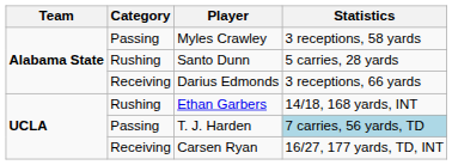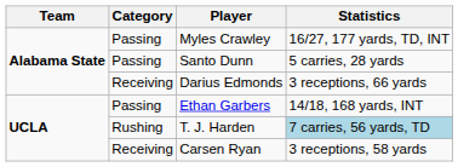 <table class="wikitable" style="float: right;">
 <tr>
 <th>Team</th>
 <th>Category</th>
 <th>Player</th>
 <th>Statistics</th>
 </tr>
 <tr>
 <td rowspan=3><strong>Alabama State</strong></td>
 <td>Passing</td>
 <td>Myles Crawley</td>
-<td>3 receptions, 58 yards</td>
+<td>16/27, 177 yards, TD, INT</td>
 </tr>
 <tr>
-<td>Rushing</td>
+<td>Passing</td>
 <td>Santo Dunn</td>
 <td>5 carries, 28 yards</td>
 </tr>
 <tr>
 <td>Receiving</td>
 <td>Darius Edmonds</td>
 <td>3 receptions, 66 yards</td>
 </tr>
 <tr>
 <td rowspan=3><strong>UCLA</strong></td>
-<td>Rushing</td>
+<td>Passing</td>
 <td><a href='#'>Ethan Garbers</a></td>
 <td>14/18, 168 yards, INT</td>
 </tr>
 <tr>
-<td>Passing</td>
+<td>Rushing</td>
 <td>T. J. Harden</td>
 <td style="background: lightblue;">7 carries, 56 yards, TD</td>
 </tr>
 <tr>
 <td>Receiving</td>
 <td>Carsen Ryan</td>
-<td>16/27, 177 yards, TD, INT</td>
+<td>3 receptions, 58 yards</td>
 </tr>
 </table>
